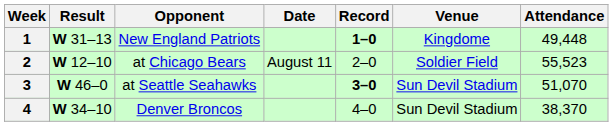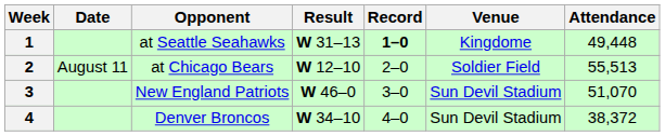 <table class="wikitable" style="text-align:center">
 <tr>
 <th>Week</th>
+<th>Date</th>
+<th>Opponent</th>
 <th>Result</th>
-<th>Opponent</th>
-<th>Date</th>
 <th>Record</th>
 <th>Venue</th>
 <th>Attendance</th>
 </tr>
 <tr style="background:#cfc">
 <th>1</th>
+<td></td>
+<td>at <a href='#'>Seattle Seahawks</a></td>
 <td><strong>W</strong> 31–13</td>
-<td><a href='#'>New England Patriots</a></td>
-<td></td>
 <td><strong>1–0</strong></td>
 <td><a href='#'>Kingdome</a></td>
 <td>49,448</td>
 </tr>
 <tr style="background:#cfc">
 <th>2</th>
+<td>August 11</td>
+<td>at <a href='#'>Chicago Bears</a></td>
 <td><strong>W</strong> 12–10</td>
-<td>at <a href='#'>Chicago Bears</a></td>
-<td>August 11</td>
 <td>2–0</td>
 <td><a href='#'>Soldier Field</a></td>
-<td>55,523</td>
+<td>55,513</td>
 </tr>
 <tr style="background:#cfc">
 <th>3</th>
+<td></td>
+<td><a href='#'>New England Patriots</a></td>
 <td><strong>W</strong> 46–0</td>
-<td>at <a href='#'>Seattle Seahawks</a></td>
-<td></td>
-<td><strong>3–0</strong></td>
+<td>3–0</td>
 <td><a href='#'>Sun Devil Stadium</a></td>
 <td>51,070</td>
 </tr>
 <tr style="background:#cfc">
 <th>4</th>
+<td></td>
+<td><a href='#'>Denver Broncos</a></td>
 <td><strong>W</strong> 34–10</td>
-<td><a href='#'>Denver Broncos</a></td>
-<td></td>
 <td>4–0</td>
 <td>Sun Devil Stadium</td>
-<td>38,370</td>
+<td>38,372</td>
 </tr>
 </table>
